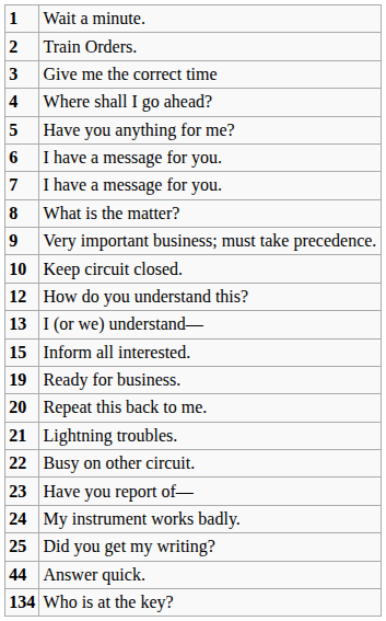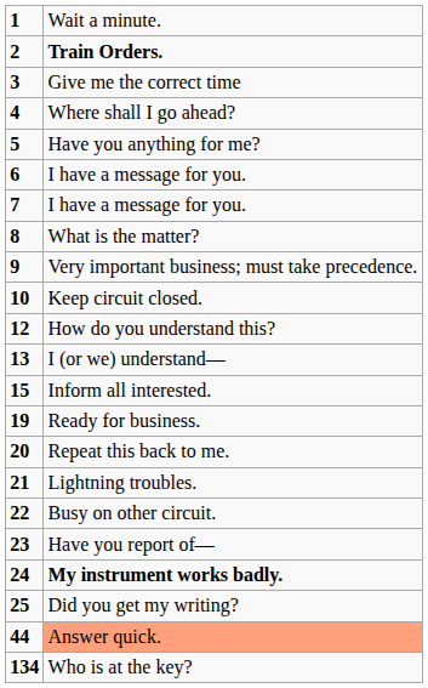 <table class="wikitable" border="1">
 <tr>
 <td><strong>1</strong></td>
 <td>Wait a minute.</td>
 </tr>
 <tr>
 <td><strong>2</strong></td>
-<td>Train Orders.</td>
+<td><strong>Train Orders.</strong></td>
 </tr>
 <tr>
 <td><strong>3</strong></td>
 <td>Give me the correct time</td>
 </tr>
 <tr>
 <td><strong>4</strong></td>
 <td>Where shall I go ahead?</td>
 </tr>
 <tr>
 <td><strong>5</strong></td>
 <td>Have you anything for me?</td>
 </tr>
 <tr>
 <td><strong>6</strong></td>
 <td>I have a message for you.</td>
 </tr>
 <tr>
 <td><strong>7</strong></td>
 <td>I have a message for you.</td>
 </tr>
 <tr>
 <td><strong>8</strong></td>
 <td>What is the matter?</td>
 </tr>
 <tr>
 <td><strong>9</strong></td>
 <td>Very important business; must take precedence.</td>
 </tr>
 <tr>
 <td><strong>10</strong></td>
 <td>Keep circuit closed.</td>
 </tr>
 <tr>
 <td><strong>12</strong></td>
 <td>How do you understand this?</td>
 </tr>
 <tr>
 <td><strong>13</strong></td>
 <td>I (or we) understand—</td>
 </tr>
 <tr>
 <td><strong>15</strong></td>
 <td>Inform all interested.</td>
 </tr>
 <tr>
 <td><strong>19</strong></td>
 <td>Ready for business.</td>
 </tr>
 <tr>
 <td><strong>20</strong></td>
 <td>Repeat this back to me.</td>
 </tr>
 <tr>
 <td><strong>21</strong></td>
 <td>Lightning troubles.</td>
 </tr>
 <tr>
 <td><strong>22</strong></td>
 <td>Busy on other circuit.</td>
 </tr>
 <tr>
 <td><strong>23</strong></td>
 <td>Have you report of—</td>
 </tr>
 <tr>
 <td><strong>24</strong></td>
-<td>My instrument works badly.</td>
+<td><strong>My instrument works badly.</strong></td>
 </tr>
 <tr>
 <td><strong>25</strong></td>
 <td>Did you get my writing?</td>
 </tr>
 <tr>
 <td><strong>44</strong></td>
-<td>Answer quick.</td>
+<td style="background: lightsalmon;">Answer quick.</td>
 </tr>
 <tr>
 <td><strong>134</strong></td>
 <td>Who is at the key?</td>
 </tr>
 <tr>
 </tr>
 </table>
